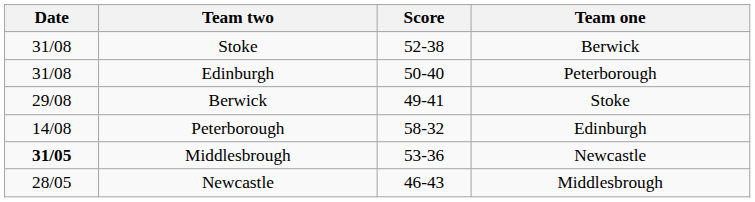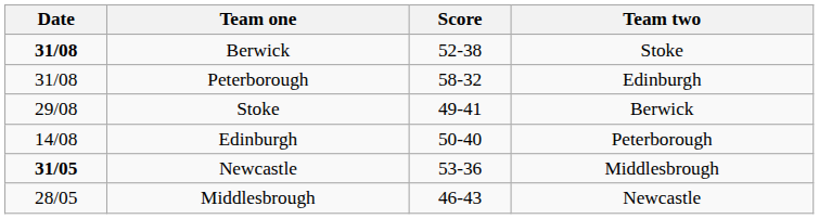 <table class="wikitable" style="text-align: center">
 <tr>
 <th width=80>Date</th>
+<th width=250>Team one</th>
+<th width=80>Score</th>
 <th width=250>Team two</th>
-<th width=80>Score</th>
-<th width=250>Team one</th>
+</tr>
+<tr>
+<td><strong>31/08</strong></td>
+<td>Berwick</td>
+<td>52-38</td>
+<td>Stoke</td>
 </tr>
 <tr>
 <td>31/08</td>
+<td>Peterborough</td>
+<td>58-32</td>
+<td>Edinburgh</td>
+</tr>
+<tr>
+<td>29/08</td>
 <td>Stoke</td>
-<td>52-38</td>
+<td>49-41</td>
 <td>Berwick</td>
 </tr>
 <tr>
-<td>31/08</td>
+<td>14/08</td>
 <td>Edinburgh</td>
 <td>50-40</td>
 <td>Peterborough</td>
 </tr>
 <tr>
-<td>29/08</td>
-<td>Berwick</td>
-<td>49-41</td>
-<td>Stoke</td>
-</tr>
-<tr>
-<td>14/08</td>
-<td>Peterborough</td>
-<td>58-32</td>
-<td>Edinburgh</td>
-</tr>
-<tr>
 <td><strong>31/05</strong></td>
+<td>Newcastle</td>
+<td>53-36</td>
 <td>Middlesbrough</td>
-<td>53-36</td>
-<td>Newcastle</td>
 </tr>
 <tr>
 <td>28/05</td>
+<td>Middlesbrough</td>
+<td>46-43</td>
 <td>Newcastle</td>
-<td>46-43</td>
-<td>Middlesbrough</td>
 </tr>
 </table>
